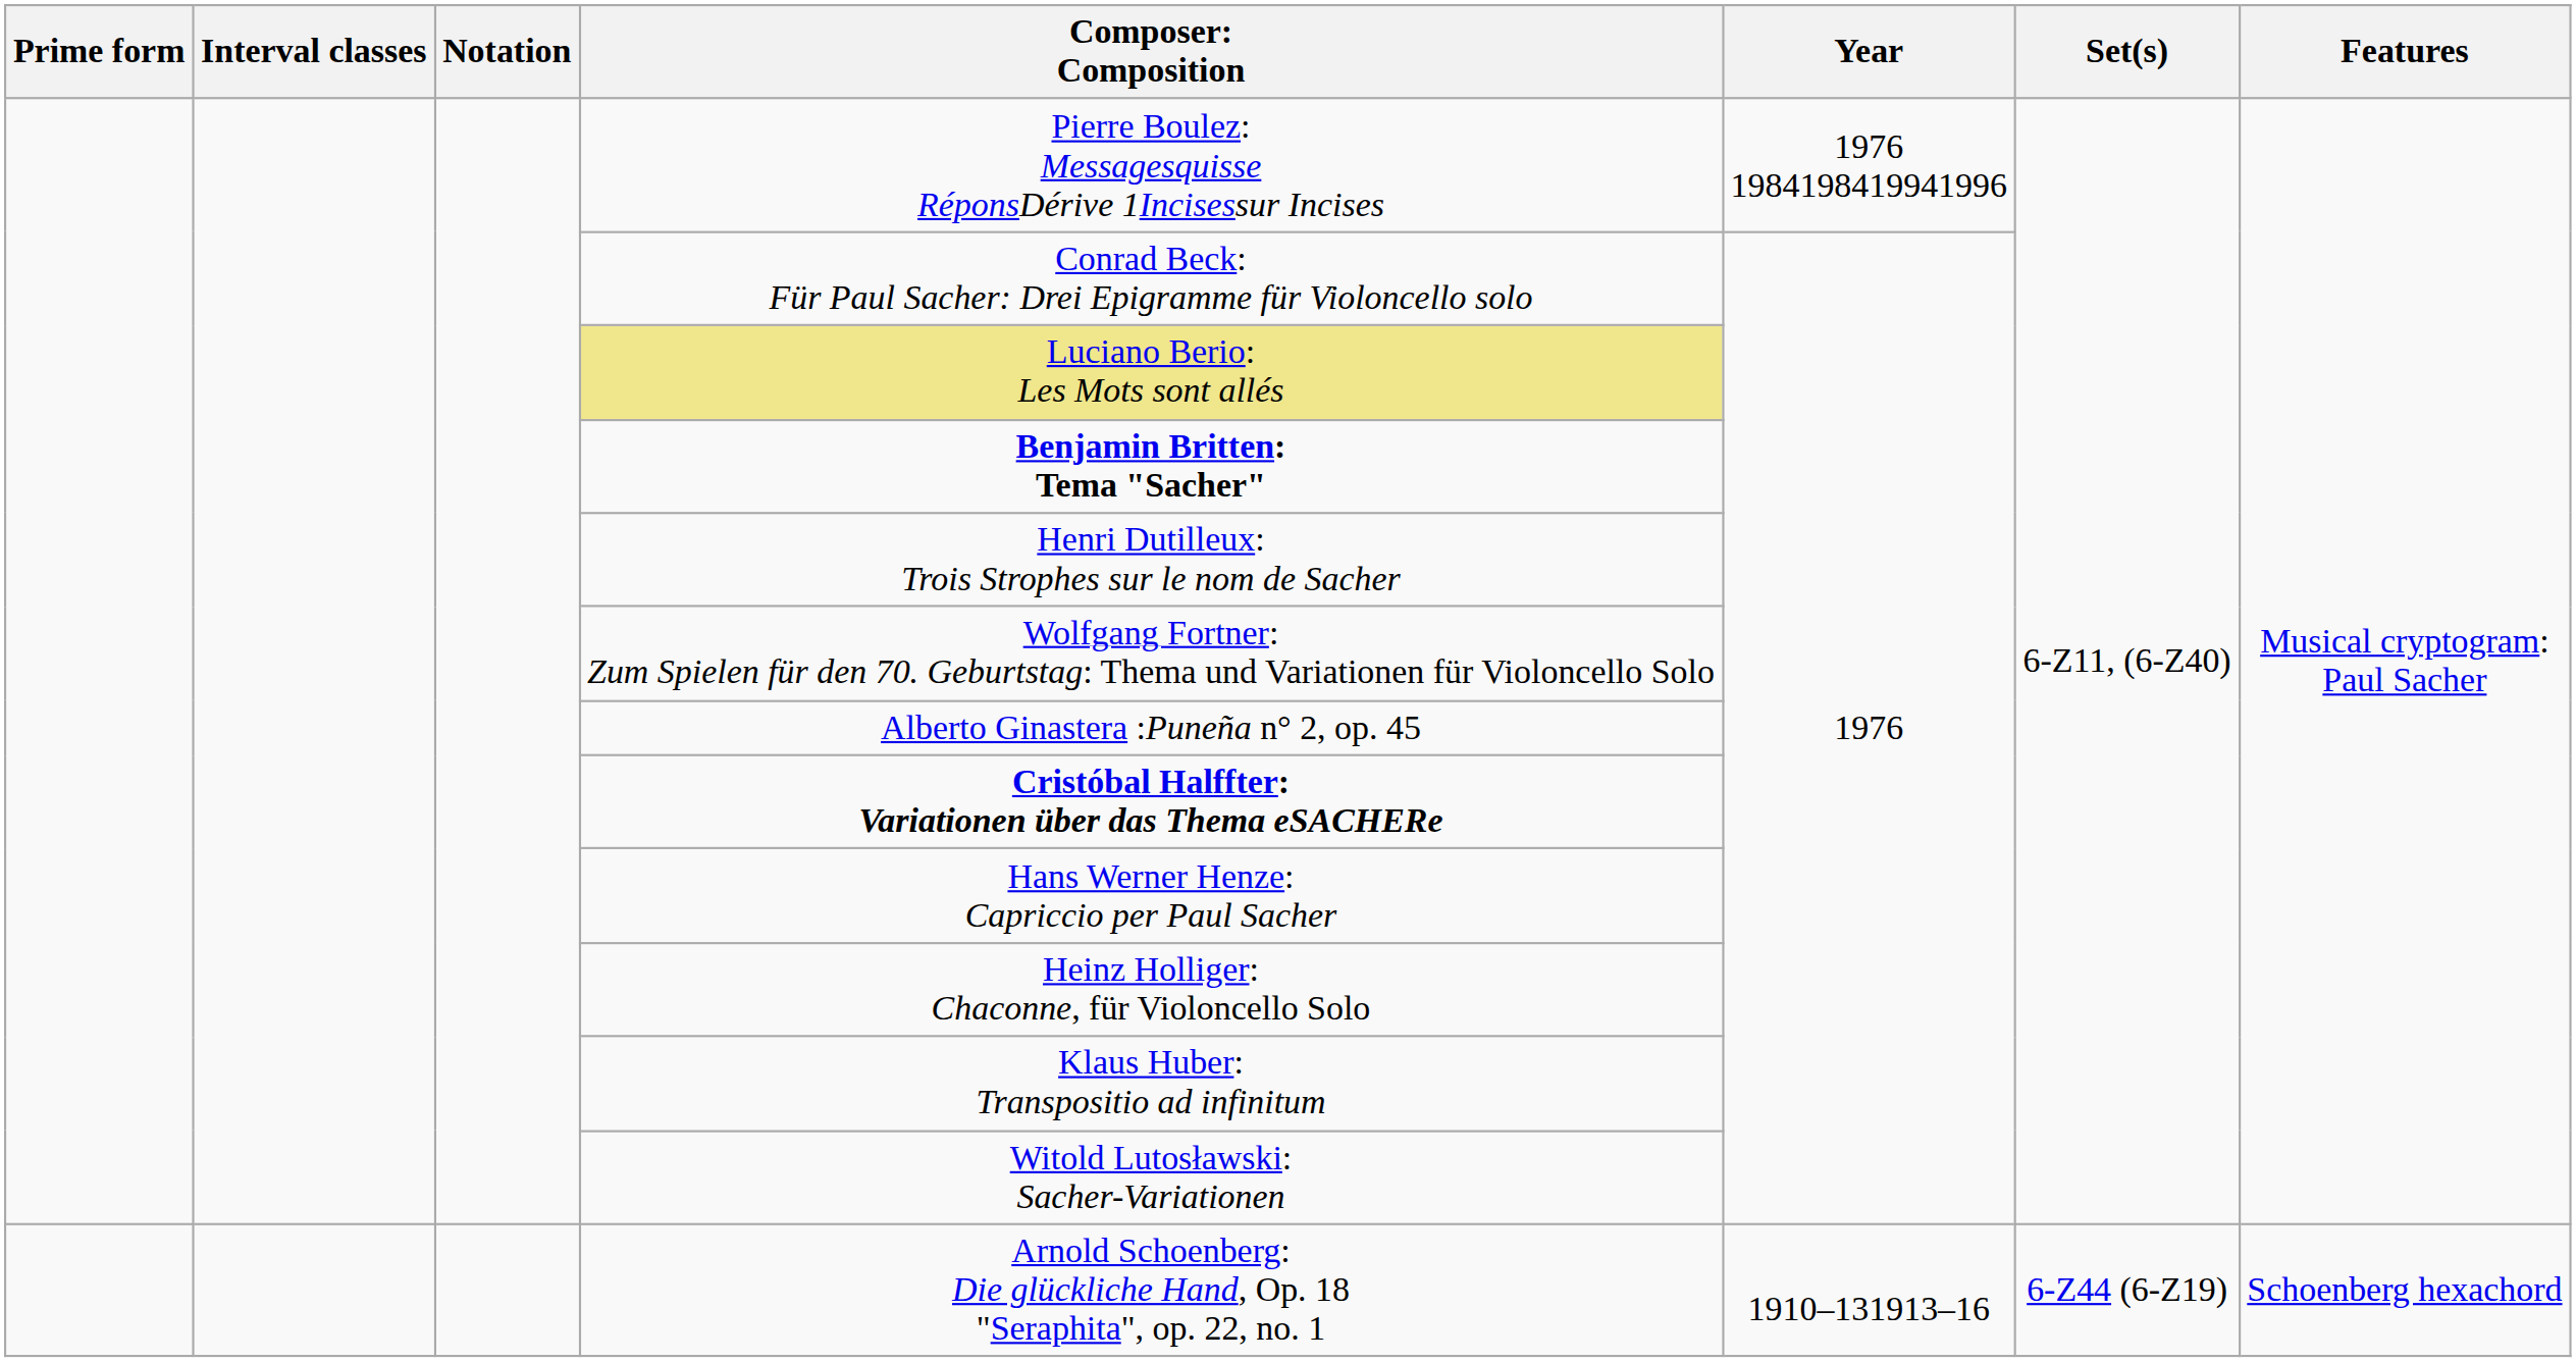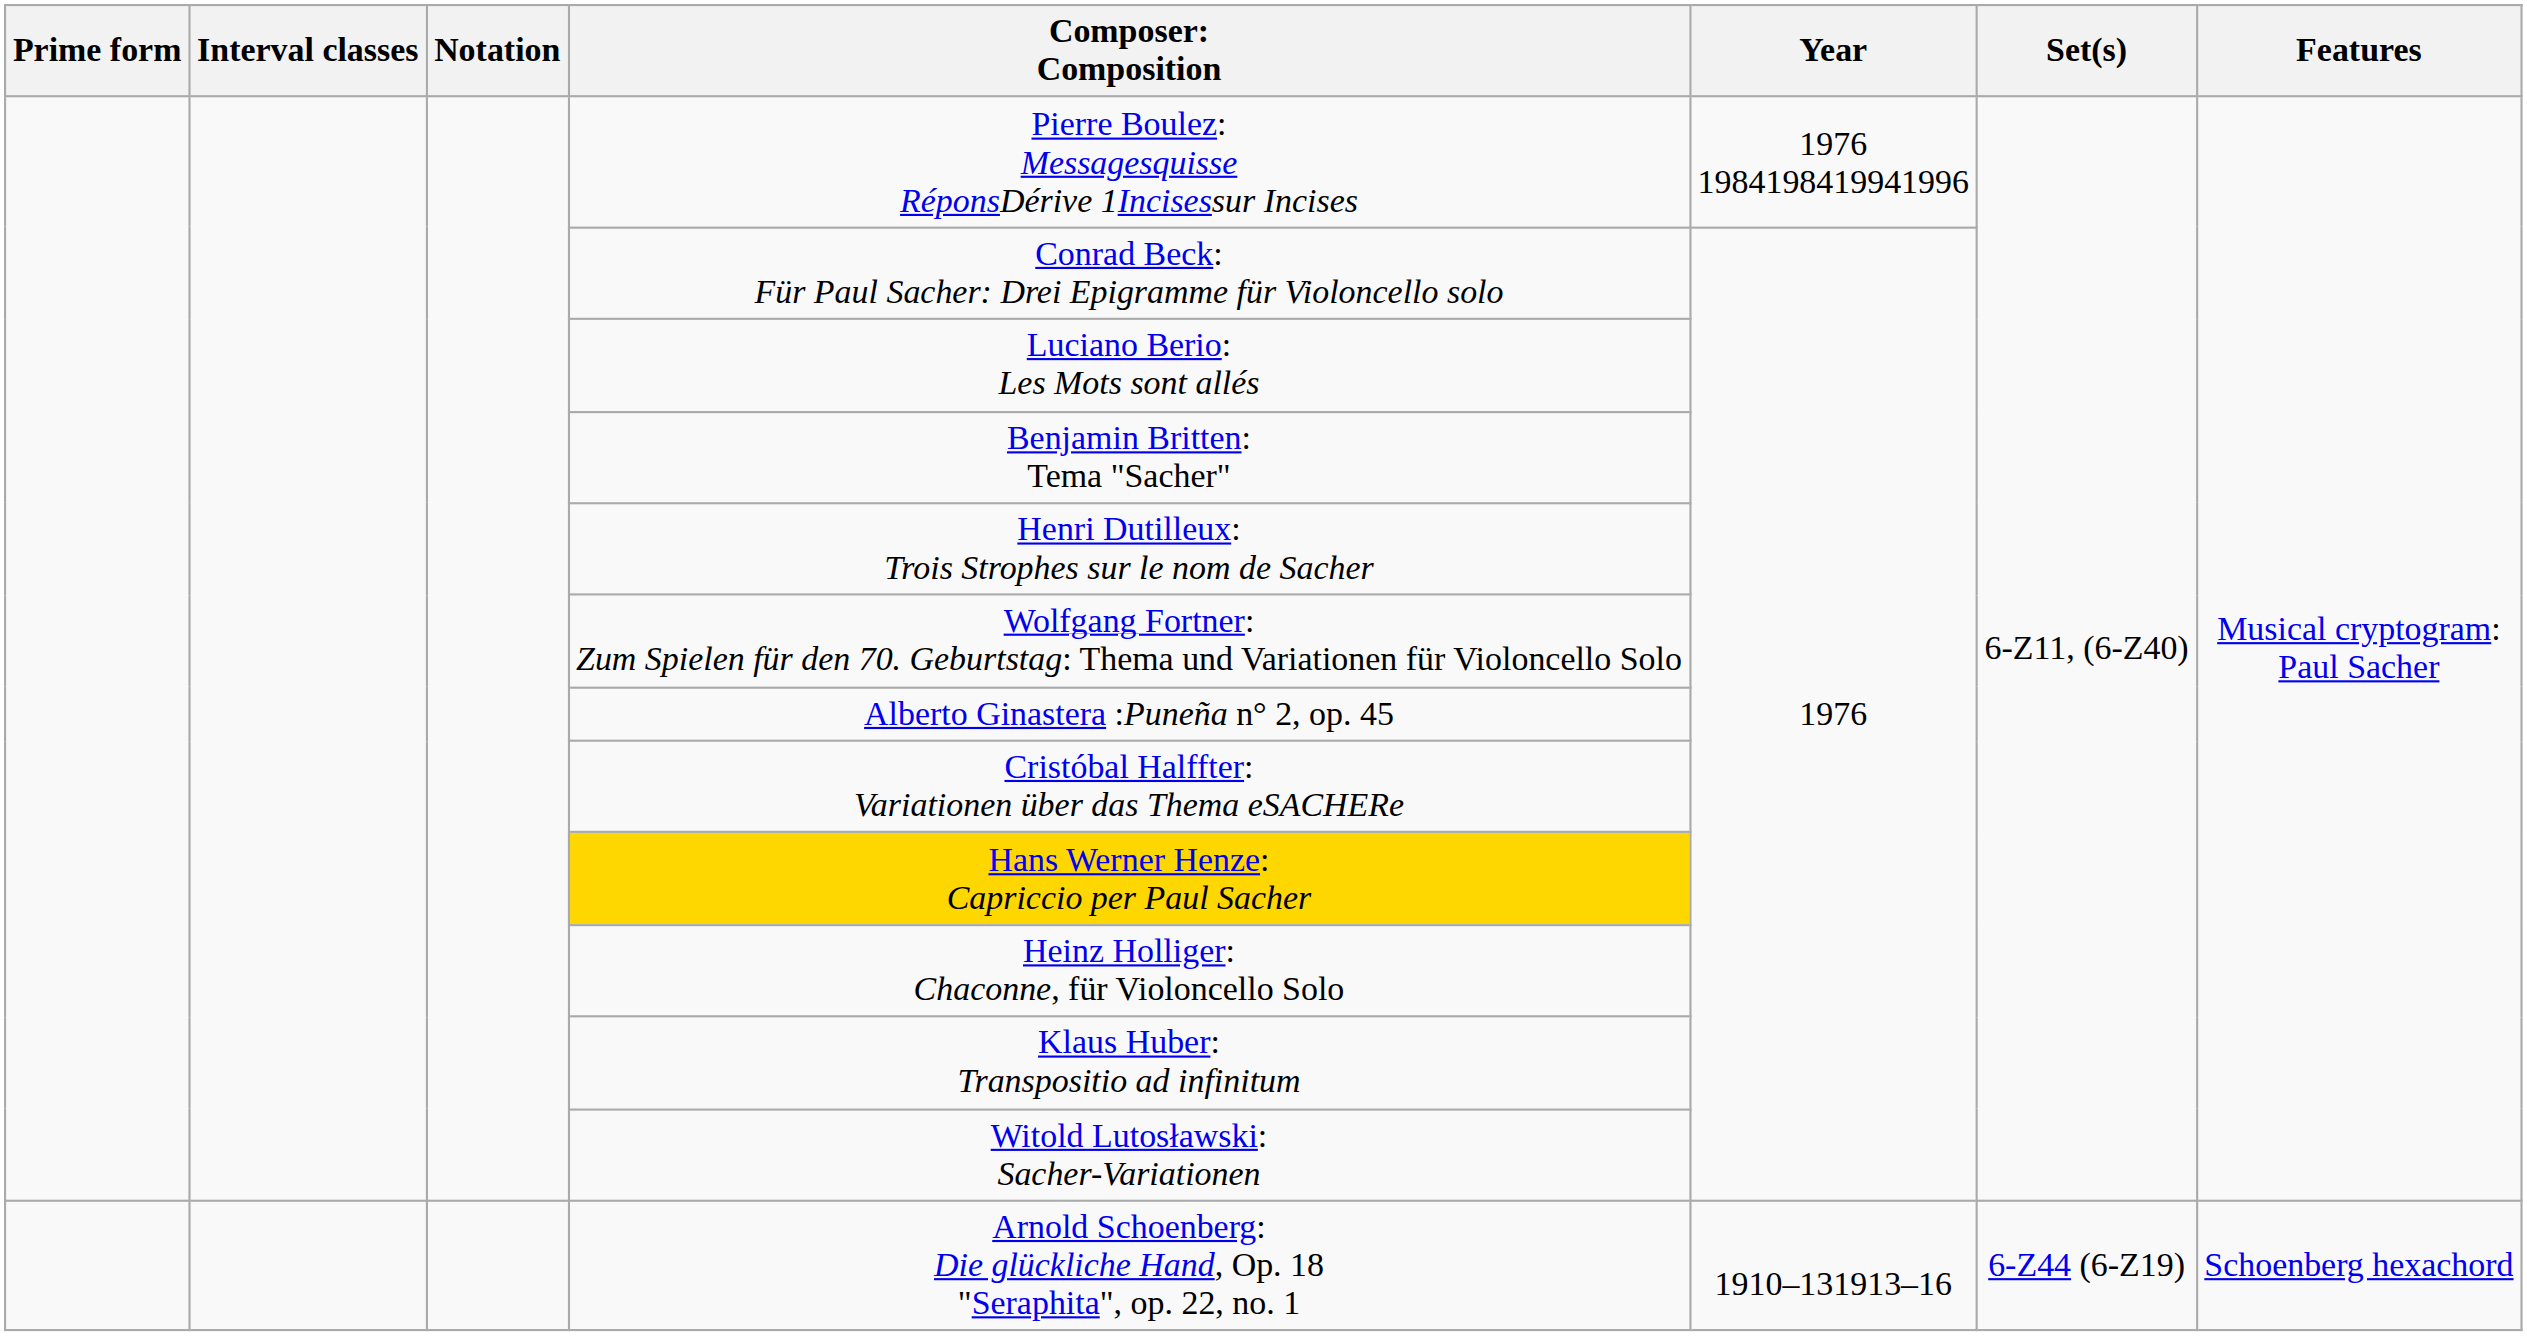 <table class="wikitable sortable" style="font-size:100%;text-align:center;">
 <tr>
 <th>Prime form</th>
 <th>Interval classes</th>
 <th>Notation</th>
 <th>Composer:<br>Composition</th>
 <th>Year</th>
 <th>Set(s)</th>
 <th>Features</th>
 </tr>
 <tr>
 <td rowspan="12" style="text-align:left"><br></td>
 <td rowspan="12"></td>
 <td rowspan="12"></td>
 <td><a href='#'>Pierre Boulez</a>:<br><em><a href='#'>Messagesquisse</a></em><br><em><a href='#'>Répons</a></em><em>Dérive 1</em><em><a href='#'>Incises</a></em><em>sur Incises</em></td>
 <td>1976<br>1984198419941996</td>
 <td rowspan="12">6-Z11, (6-Z40)</td>
 <td rowspan="12"><a href='#'>Musical cryptogram</a>:<br><a href='#'>Paul Sacher</a></td>
 </tr>
 <tr>
 <td><a href='#'>Conrad Beck</a>:<br><em>Für Paul Sacher: Drei Epigramme für Violoncello solo</em></td>
 <td rowspan="11">1976</td>
 </tr>
 <tr>
-<td style="background: khaki;"><a href='#'>Luciano Berio</a>:<br><em>Les Mots sont allés</em></td>
+<td><a href='#'>Luciano Berio</a>:<br><em>Les Mots sont allés</em></td>
 </tr>
 <tr>
-<td><strong><a href='#'>Benjamin Britten</a>:<br>Tema "Sacher"</strong></td>
+<td><a href='#'>Benjamin Britten</a>:<br>Tema "Sacher"</td>
 </tr>
 <tr>
 <td><a href='#'>Henri Dutilleux</a>:<br><em>Trois Strophes sur le nom de Sacher</em></td>
 </tr>
 <tr>
 <td><a href='#'>Wolfgang Fortner</a>:<br><em>Zum Spielen für den 70. Geburtstag</em>: Thema und Variationen für Violoncello Solo</td>
 </tr>
 <tr>
 <td><a href='#'>Alberto Ginastera</a> :<em>Puneña</em> n° 2, op. 45</td>
 </tr>
 <tr>
-<td><strong><a href='#'>Cristóbal Halffter</a>:<br><em>Variationen über das Thema eSACHERe</em></strong></td>
+<td><a href='#'>Cristóbal Halffter</a>:<br><em>Variationen über das Thema eSACHERe</em></td>
 </tr>
 <tr>
-<td><a href='#'>Hans Werner Henze</a>:<br><em>Capriccio per Paul Sacher</em></td>
+<td style="background: gold;"><a href='#'>Hans Werner Henze</a>:<br><em>Capriccio per Paul Sacher</em></td>
 </tr>
 <tr>
 <td><a href='#'>Heinz Holliger</a>:<br><em>Chaconne</em>, für Violoncello Solo</td>
 </tr>
 <tr>
 <td><a href='#'>Klaus Huber</a>:<br><em>Transpositio ad infinitum</em></td>
 </tr>
 <tr>
 <td><a href='#'>Witold Lutosławski</a>:<br><em>Sacher-Variationen</em></td>
 </tr>
 <tr>
 <td style="text-align:left"></td>
 <td></td>
 <td></td>
 <td><a href='#'>Arnold Schoenberg</a>:<br><em><a href='#'>Die glückliche Hand</a></em>, Op. 18<br>"<a href='#'>Seraphita</a>", op. 22, no. 1</td>
 <td><br>1910–131913–16</td>
 <td><a href='#'>6-Z44</a> (6-Z19)</td>
 <td><a href='#'>Schoenberg hexachord</a></td>
 </tr>
 </table>
